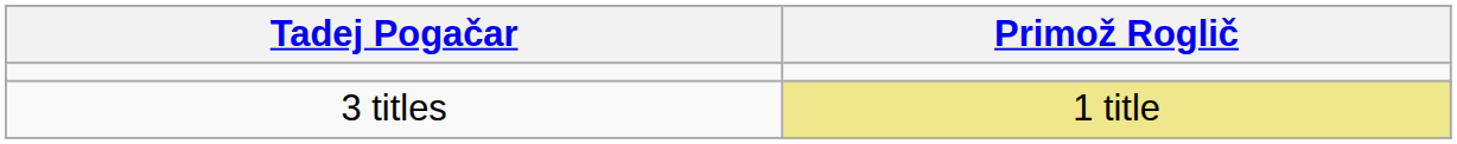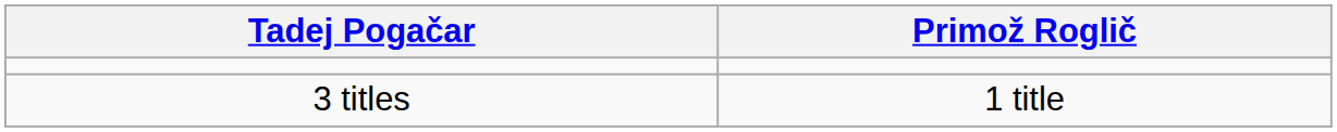 <table class="wikitable" style="text-align:center; width:50%; border:1px #AAAAFF solid">
 <tr>
 <th><a href='#'>Tadej Pogačar</a></th>
 <th><a href='#'>Primož Roglič</a></th>
 </tr>
 <tr>
 <td width=50></td>
 <td width=50></td>
 </tr>
 <tr>
 <td>3 titles</td>
-<td style="background: khaki;">1 title</td>
+<td>1 title</td>
 </tr>
 </table>
